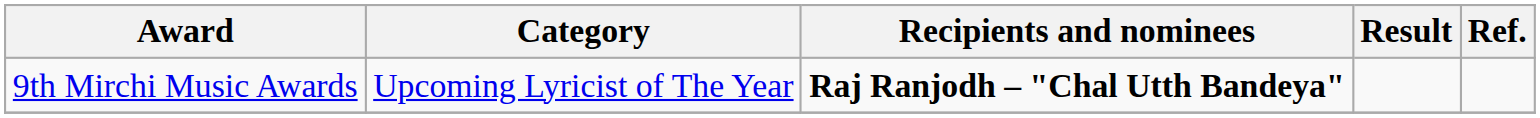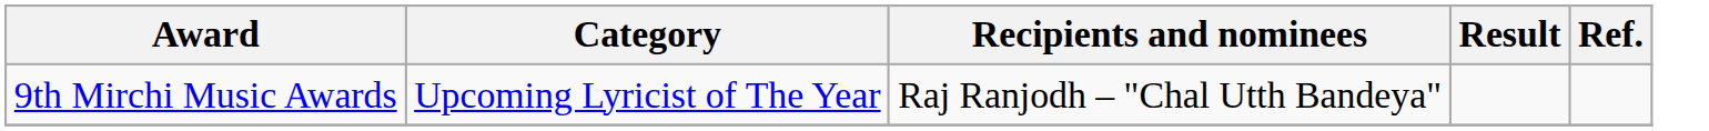 <table class="wikitable sortable">
 <tr>
 <th>Award</th>
 <th>Category</th>
 <th>Recipients and nominees</th>
 <th>Result</th>
 <th>Ref.</th>
 </tr>
 <tr>
 <td><a href='#'>9th Mirchi Music Awards</a></td>
 <td><a href='#'>Upcoming Lyricist of The Year</a></td>
-<td><strong>Raj Ranjodh – "Chal Utth Bandeya"</strong></td>
+<td>Raj Ranjodh – "Chal Utth Bandeya"</td>
 <td></td>
 <td></td>
 </tr>
 <tr>
 </tr>
 </table>
